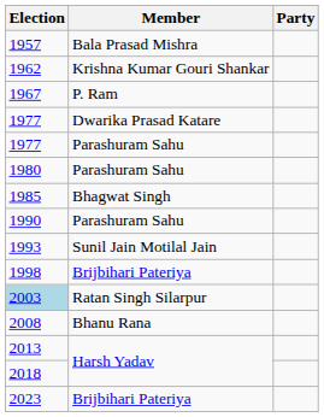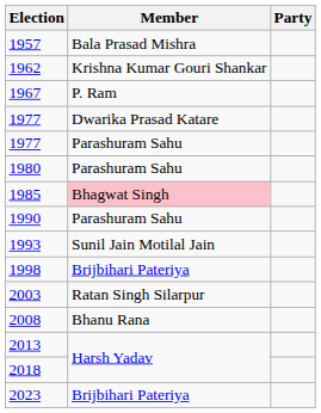 <table class="wikitable sortable">
 <tr>
 <th>Election</th>
 <th>Member </th>
 <th colspan="2">Party</th>
 </tr>
 <tr>
 <td><a href='#'>1957</a></td>
 <td>Bala Prasad Mishra</td>
 <td></td>
 </tr>
 <tr>
 <td><a href='#'>1962</a></td>
 <td>Krishna Kumar Gouri Shankar</td>
 <td></td>
 </tr>
 <tr>
 <td><a href='#'>1967</a></td>
 <td>P. Ram</td>
 <td></td>
 </tr>
 <tr>
 <td><a href='#'>1977</a></td>
 <td>Dwarika Prasad Katare</td>
 <td></td>
 </tr>
 <tr>
 <td><a href='#'>1977</a></td>
 <td>Parashuram Sahu</td>
 <td></td>
 </tr>
 <tr>
 <td><a href='#'>1980</a></td>
 <td>Parashuram Sahu</td>
 <td></td>
 </tr>
 <tr>
 <td><a href='#'>1985</a></td>
-<td>Bhagwat Singh</td>
+<td style="background: pink;">Bhagwat Singh</td>
 <td></td>
 </tr>
 <tr>
 <td><a href='#'>1990</a></td>
 <td>Parashuram Sahu</td>
 <td></td>
 </tr>
 <tr>
 <td><a href='#'>1993</a></td>
 <td>Sunil Jain Motilal Jain</td>
 <td></td>
 </tr>
 <tr>
 <td><a href='#'>1998</a></td>
 <td><a href='#'>Brijbihari Pateriya</a></td>
 </tr>
 <tr>
-<td style="background: lightblue;"><a href='#'>2003</a></td>
+<td><a href='#'>2003</a></td>
 <td>Ratan Singh Silarpur</td>
 <td></td>
 </tr>
 <tr>
 <td><a href='#'>2008</a></td>
 <td>Bhanu Rana</td>
 </tr>
 <tr>
 <td><a href='#'>2013</a></td>
 <td rowspan=2><a href='#'>Harsh Yadav</a></td>
 <td></td>
 </tr>
 <tr>
 <td><a href='#'>2018</a></td>
 </tr>
 <tr>
 <td><a href='#'>2023</a></td>
 <td><a href='#'>Brijbihari Pateriya</a></td>
 <td></td>
 </tr>
 </table>
